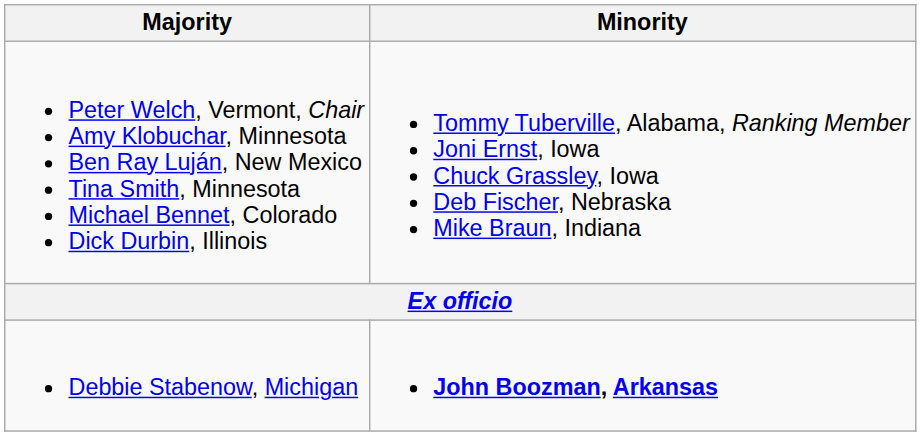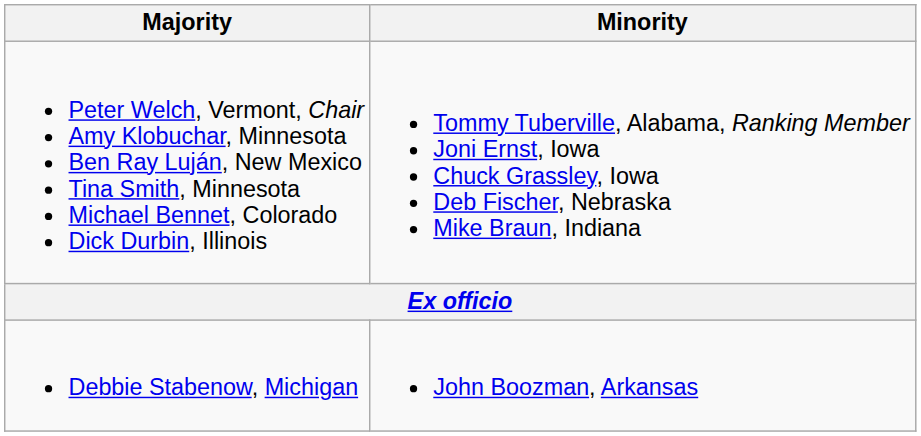 <table class=wikitable>
 <tr>
 <th>Majority</th>
 <th>Minority</th>
 </tr>
 <tr>
 <td><br><ul><li><a href='#'>Peter Welch</a>, Vermont, <em>Chair</em></li><li><a href='#'>Amy Klobuchar</a>, Minnesota</li><li><a href='#'>Ben Ray Luján</a>, New Mexico</li><li><a href='#'>Tina Smith</a>, Minnesota</li><li><a href='#'>Michael Bennet</a>, Colorado</li><li><a href='#'>Dick Durbin</a>, Illinois</li></ul></td>
 <td><br><ul><li><a href='#'>Tommy Tuberville</a>, Alabama, <em>Ranking Member</em></li><li><a href='#'>Joni Ernst</a>, Iowa</li><li><a href='#'>Chuck Grassley</a>, Iowa</li><li><a href='#'>Deb Fischer</a>, Nebraska</li><li><a href='#'>Mike Braun</a>, Indiana</li></ul></td>
 </tr>
 <tr>
 <th colspan=2><em><a href='#'>Ex officio</a></em></th>
 </tr>
 <tr>
 <td><br><ul><li><a href='#'>Debbie Stabenow</a>, <a href='#'>Michigan</a></li></ul></td>
-<td><strong><br><ul><li><a href='#'>John Boozman</a>, <a href='#'>Arkansas</a></li></ul></strong></td>
+<td><br><ul><li><a href='#'>John Boozman</a>, <a href='#'>Arkansas</a></li></ul></td>
 </tr>
 </table>
